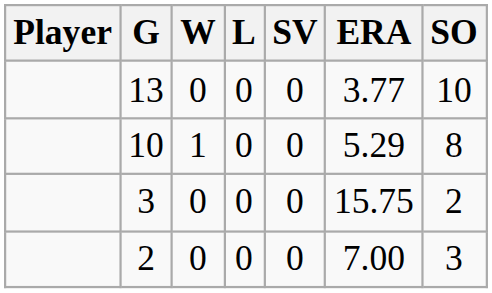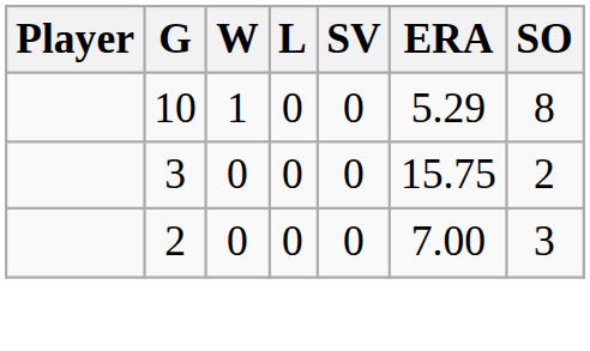 <table class="wikitable sortable" style="text-align:center;">
 <tr>
 <th>Player</th>
 <th>G</th>
 <th>W</th>
 <th>L</th>
 <th>SV</th>
 <th>ERA</th>
 <th>SO</th>
-</tr>
-<tr>
-<td></td>
-<td>13</td>
-<td>0</td>
-<td>0</td>
-<td>0</td>
-<td>3.77</td>
-<td>10</td>
 </tr>
 <tr>
 <td></td>
 <td>10</td>
 <td>1</td>
 <td>0</td>
 <td>0</td>
 <td>5.29</td>
 <td>8</td>
 </tr>
 <tr>
 <td></td>
 <td>3</td>
 <td>0</td>
 <td>0</td>
 <td>0</td>
 <td>15.75</td>
 <td>2</td>
 </tr>
 <tr>
 <td></td>
 <td>2</td>
 <td>0</td>
 <td>0</td>
 <td>0</td>
 <td>7.00</td>
 <td>3</td>
 </tr>
 </table>
